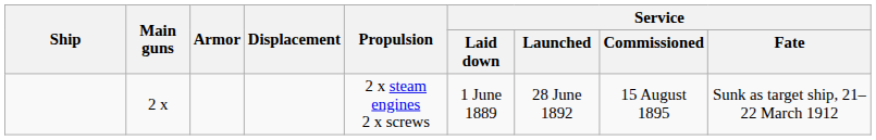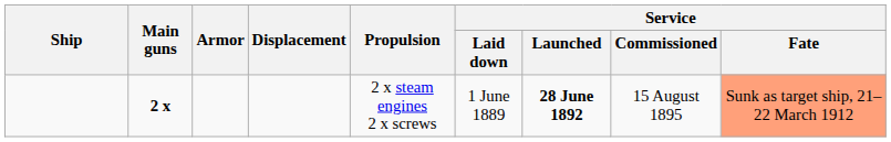 <table class="wikitable" style="width:98%;">
 <tr valign="center">
 <th scope="col" rowspan="2" style="text-align:center; width:14%;">Ship</th>
 <th scope="col" style="text-align:center;" rowspan="2">Main guns</th>
 <th scope="col" style="text-align:center;" rowspan="2">Armor</th>
 <th scope="col" style="text-align:center;" rowspan="2">Displacement</th>
 <th scope="col" style="text-align:center;" rowspan="2">Propulsion</th>
 <th scope="col" style="text-align:center;" colspan="4">Service</th>
 </tr>
 <tr valign="top">
 <th scope="col" style="text-align:center;">Laid down</th>
 <th scope="col" style="text-align:center;">Launched</th>
 <th scope="col" style="text-align:center;">Commissioned</th>
 <th scope="col" style="text-align:center;">Fate</th>
 </tr>
 <tr>
 <td align=center></td>
-<td style="text-align:center">2 x </td>
+<td style="text-align:center"><strong>2 x </strong></td>
 <td style="text-align:center"></td>
 <td style="text-align:center"></td>
 <td style="text-align:center">2 x <a href='#'>steam engines</a><br>2 x screws<br></td>
 <td style="text-align:center">1 June 1889</td>
-<td style="text-align:center">28 June 1892</td>
+<td style="text-align:center"><strong>28 June 1892</strong></td>
 <td style="text-align:center">15 August 1895</td>
-<td style="text-align:center">Sunk as target ship, 21–22 March 1912</td>
+<td style="background: lightsalmon; text-align:center">Sunk as target ship, 21–22 March 1912</td>
 </tr>
 </table>
